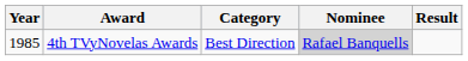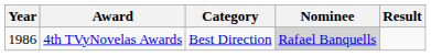 <table class="wikitable">
 <tr style="background:#b0c4de;">
 <th>Year</th>
 <th>Award</th>
 <th>Category</th>
 <th>Nominee</th>
 <th>Result</th>
 </tr>
 <tr>
-<td>1985</td>
+<td>1986</td>
 <td><a href='#'>4th TVyNovelas Awards</a></td>
 <td><a href='#'>Best Direction</a></td>
 <td style="background: lightgrey;"><a href='#'>Rafael Banquells</a></td>
 <td></td>
 </tr>
 </table>
